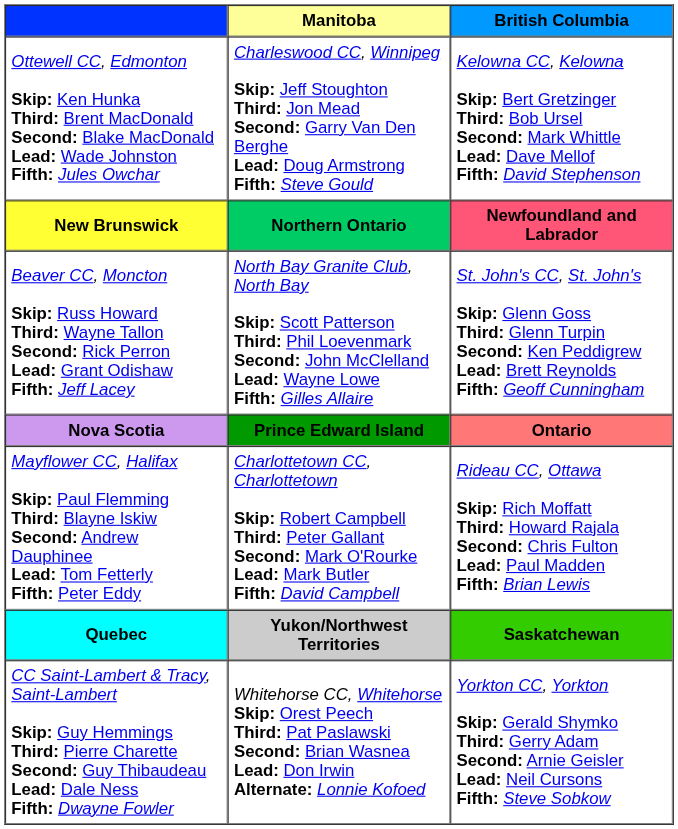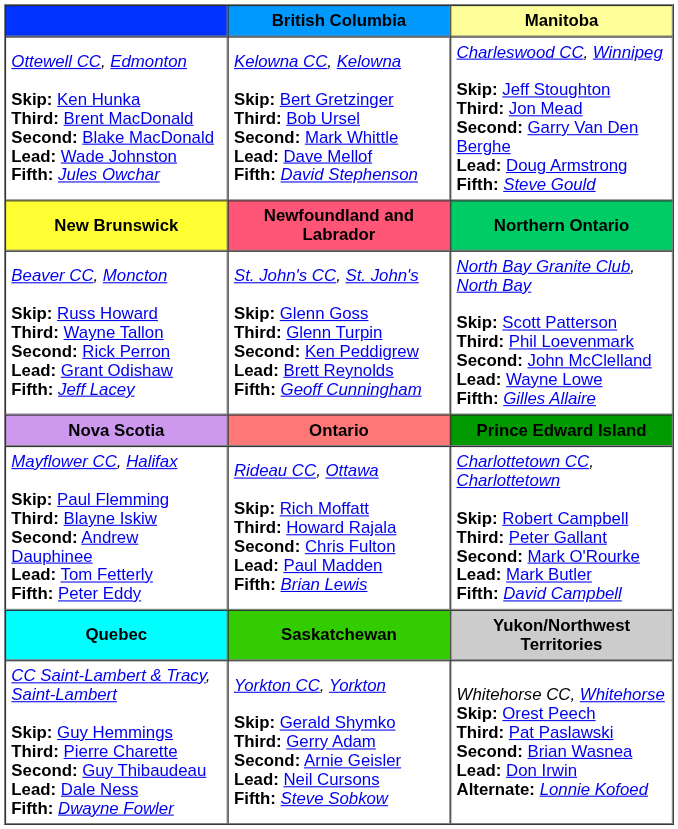 <table border=1 cellpadding=5 cellspacing=0>
 <tr>
 <th bgcolor=#0033ff width=200></th>
+<th bgcolor=#0099ff width=200>British Columbia</th>
 <th bgcolor=#ffff99 width=200>Manitoba</th>
-<th bgcolor=#0099ff width=200>British Columbia</th>
 </tr>
 <tr>
 <td><em><a href='#'>Ottewell CC</a>, <a href='#'>Edmonton</a></em><br><br><strong>Skip:</strong> <a href='#'>Ken Hunka</a><br> <strong>Third:</strong> <a href='#'>Brent MacDonald</a><br> <strong>Second:</strong> <a href='#'>Blake MacDonald</a><br> <strong>Lead:</strong> <a href='#'>Wade Johnston</a><br> <strong>Fifth:</strong> <em><a href='#'>Jules Owchar</a></em></td>
+<td><em><a href='#'>Kelowna CC</a>, <a href='#'>Kelowna</a></em><br><br><strong>Skip:</strong> <a href='#'>Bert Gretzinger</a><br>  <strong>Third:</strong> <a href='#'>Bob Ursel</a><br> <strong>Second:</strong> <a href='#'>Mark Whittle</a><br> <strong>Lead:</strong> <a href='#'>Dave Mellof</a><br> <strong>Fifth:</strong> <em><a href='#'>David Stephenson</a></em></td>
 <td><em><a href='#'>Charleswood CC</a>, <a href='#'>Winnipeg</a></em><br><br><strong>Skip:</strong> <a href='#'>Jeff Stoughton</a> <br> <strong>Third:</strong> <a href='#'>Jon Mead</a><br> <strong>Second:</strong> <a href='#'>Garry Van Den Berghe</a> <br> <strong>Lead:</strong> <a href='#'>Doug Armstrong</a> <br> <strong>Fifth:</strong> <em><a href='#'>Steve Gould</a></em></td>
-<td><em><a href='#'>Kelowna CC</a>, <a href='#'>Kelowna</a></em><br><br><strong>Skip:</strong> <a href='#'>Bert Gretzinger</a><br>  <strong>Third:</strong> <a href='#'>Bob Ursel</a><br> <strong>Second:</strong> <a href='#'>Mark Whittle</a><br> <strong>Lead:</strong> <a href='#'>Dave Mellof</a><br> <strong>Fifth:</strong> <em><a href='#'>David Stephenson</a></em></td>
 </tr>
 <tr border=1 cellpadding=5 cellspacing=0>
 <th bgcolor=#ffff33 width=200>New Brunswick</th>
+<th bgcolor=#ff5577 width=200>Newfoundland and Labrador</th>
 <th bgcolor=#00CC66 width=200>Northern Ontario</th>
-<th bgcolor=#ff5577 width=200>Newfoundland and Labrador</th>
 </tr>
 <tr>
 <td><em><a href='#'>Beaver CC</a>, <a href='#'>Moncton</a></em><br><br><strong>Skip:</strong> <a href='#'>Russ Howard</a><br> <strong>Third:</strong> <a href='#'>Wayne Tallon</a><br> <strong>Second:</strong> <a href='#'>Rick Perron</a><br> <strong>Lead:</strong> <a href='#'>Grant Odishaw</a><br> <strong>Fifth:</strong> <em><a href='#'>Jeff Lacey</a></em></td>
+<td><em><a href='#'>St. John's CC</a>, <a href='#'>St. John's</a></em><br><br><strong>Skip:</strong> <a href='#'>Glenn Goss</a><br> <strong>Third:</strong> <a href='#'>Glenn Turpin</a><br> <strong>Second:</strong> <a href='#'>Ken Peddigrew</a><br> <strong>Lead:</strong> <a href='#'>Brett Reynolds</a><br> <strong>Fifth:</strong> <em><a href='#'>Geoff Cunningham</a></em></td>
 <td><em><a href='#'>North Bay Granite Club</a>, <a href='#'>North Bay</a></em><br><br><strong>Skip:</strong> <a href='#'>Scott Patterson</a><br>    <strong>Third:</strong> <a href='#'>Phil Loevenmark</a><br> <strong>Second:</strong> <a href='#'>John McClelland</a><br> <strong>Lead:</strong> <a href='#'>Wayne Lowe</a><br> <strong>Fifth:</strong> <em><a href='#'>Gilles Allaire</a></em></td>
-<td><em><a href='#'>St. John's CC</a>, <a href='#'>St. John's</a></em><br><br><strong>Skip:</strong> <a href='#'>Glenn Goss</a><br> <strong>Third:</strong> <a href='#'>Glenn Turpin</a><br> <strong>Second:</strong> <a href='#'>Ken Peddigrew</a><br> <strong>Lead:</strong> <a href='#'>Brett Reynolds</a><br> <strong>Fifth:</strong> <em><a href='#'>Geoff Cunningham</a></em></td>
 </tr>
 <tr border=1 cellpadding=5 cellspacing=0>
 <th bgcolor=#cc99ee width=200>Nova Scotia</th>
+<th bgcolor=#ff7777 width=200>Ontario</th>
 <th bgcolor=#009900 width=200>Prince Edward Island</th>
-<th bgcolor=#ff7777 width=200>Ontario</th>
 </tr>
 <tr>
 <td><em><a href='#'>Mayflower CC</a>, <a href='#'>Halifax</a></em><br><br><strong>Skip:</strong> <a href='#'>Paul Flemming</a><br> <strong>Third:</strong> <a href='#'>Blayne Iskiw</a><br> <strong>Second:</strong> <a href='#'>Andrew Dauphinee</a><br> <strong>Lead:</strong> <a href='#'>Tom Fetterly</a><br> <strong>Fifth:</strong> <a href='#'>Peter Eddy</a></td>
+<td><em><a href='#'>Rideau CC</a>, <a href='#'>Ottawa</a></em><br><br><strong>Skip:</strong> <a href='#'>Rich Moffatt</a> <br> <strong>Third:</strong> <a href='#'>Howard Rajala</a> <br> <strong>Second:</strong> <a href='#'>Chris Fulton</a> <br> <strong>Lead:</strong> <a href='#'>Paul Madden</a><br> <strong>Fifth:</strong> <em><a href='#'>Brian Lewis</a></em></td>
 <td><em><a href='#'>Charlottetown CC</a>, <a href='#'>Charlottetown</a></em><br><br><strong>Skip:</strong> <a href='#'>Robert Campbell</a> <br> <strong>Third:</strong> <a href='#'>Peter Gallant</a><br> <strong>Second:</strong> <a href='#'>Mark O'Rourke</a><br> <strong>Lead:</strong> <a href='#'>Mark Butler</a><br> <strong>Fifth:</strong> <em><a href='#'>David Campbell</a></em></td>
-<td><em><a href='#'>Rideau CC</a>, <a href='#'>Ottawa</a></em><br><br><strong>Skip:</strong> <a href='#'>Rich Moffatt</a> <br> <strong>Third:</strong> <a href='#'>Howard Rajala</a> <br> <strong>Second:</strong> <a href='#'>Chris Fulton</a> <br> <strong>Lead:</strong> <a href='#'>Paul Madden</a><br> <strong>Fifth:</strong> <em><a href='#'>Brian Lewis</a></em></td>
 </tr>
 <tr border=1 cellpadding=5 cellspacing=0>
 <th bgcolor=#00ffff width=200>Quebec</th>
+<th bgcolor=#33cc00 width=200>Saskatchewan</th>
 <th bgcolor=#cccccc width=200>Yukon/Northwest Territories</th>
-<th bgcolor=#33cc00 width=200>Saskatchewan</th>
 </tr>
 <tr>
 <td><em><a href='#'>CC Saint-Lambert & Tracy</a>, <a href='#'>Saint-Lambert</a> </em><br><br><strong>Skip:</strong> <a href='#'>Guy Hemmings</a> <br> <strong>Third:</strong> <a href='#'>Pierre Charette</a> <br> <strong>Second:</strong> <a href='#'>Guy Thibaudeau</a> <br> <strong>Lead:</strong> <a href='#'>Dale Ness</a> <br> <strong>Fifth:</strong> <em><a href='#'>Dwayne Fowler</a></em></td>
+<td><em><a href='#'>Yorkton CC</a>, <a href='#'>Yorkton</a></em><br><br><strong>Skip:</strong> <a href='#'>Gerald Shymko</a><br> <strong>Third:</strong> <a href='#'>Gerry Adam</a><br> <strong>Second:</strong> <a href='#'>Arnie Geisler</a><br> <strong>Lead:</strong> <a href='#'>Neil Cursons</a><br> <strong>Fifth:</strong> <em><a href='#'>Steve Sobkow</a></em></td>
 <td><em>Whitehorse CC, <a href='#'>Whitehorse</a></em><br><strong>Skip:</strong> <a href='#'>Orest Peech</a> <br> <strong>Third:</strong> <a href='#'>Pat Paslawski</a> <br> <strong>Second:</strong> <a href='#'>Brian Wasnea</a> <br> <strong>Lead:</strong> <a href='#'>Don Irwin</a> <br> <strong>Alternate:</strong> <em><a href='#'>Lonnie Kofoed</a></em></td>
-<td><em><a href='#'>Yorkton CC</a>, <a href='#'>Yorkton</a></em><br><br><strong>Skip:</strong> <a href='#'>Gerald Shymko</a><br> <strong>Third:</strong> <a href='#'>Gerry Adam</a><br> <strong>Second:</strong> <a href='#'>Arnie Geisler</a><br> <strong>Lead:</strong> <a href='#'>Neil Cursons</a><br> <strong>Fifth:</strong> <em><a href='#'>Steve Sobkow</a></em></td>
 </tr>
 </table>
